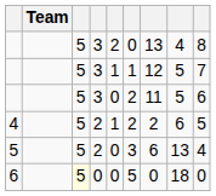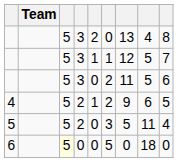 <table class="wikitable sortable" border="1" style="text-align:center">
 <tr>
 <th></th>
 <th>Team</th>
 <th></th>
 <th></th>
 <th></th>
 <th></th>
 <th></th>
 <th></th>
 <th></th>
 </tr>
 <tr>
 <td></td>
 <td style="text-align:left"></td>
 <td>5</td>
 <td>3</td>
 <td>2</td>
 <td>0</td>
 <td>13</td>
 <td>4</td>
 <td>8</td>
 </tr>
 <tr>
 <td></td>
 <td style="text-align:left"></td>
 <td>5</td>
 <td>3</td>
 <td>1</td>
 <td>1</td>
 <td>12</td>
 <td>5</td>
 <td>7</td>
 </tr>
 <tr>
 <td></td>
 <td style="text-align:left"></td>
 <td>5</td>
 <td>3</td>
 <td>0</td>
 <td>2</td>
 <td>11</td>
 <td>5</td>
 <td>6</td>
 </tr>
 <tr>
 <td>4</td>
 <td style="text-align:left"></td>
 <td>5</td>
 <td>2</td>
 <td>1</td>
 <td>2</td>
-<td>2</td>
+<td>9</td>
 <td>6</td>
 <td>5</td>
 </tr>
 <tr>
 <td>5</td>
 <td style="text-align:left"></td>
 <td>5</td>
 <td>2</td>
 <td>0</td>
 <td>3</td>
-<td>6</td>
-<td>13</td>
+<td>5</td>
+<td>11</td>
 <td>4</td>
 </tr>
 <tr>
 <td>6</td>
 <td style="text-align:left"></td>
 <td style="background: lightyellow;">5</td>
 <td>0</td>
 <td>0</td>
 <td>5</td>
 <td>0</td>
 <td>18</td>
 <td>0</td>
 </tr>
 </table>
